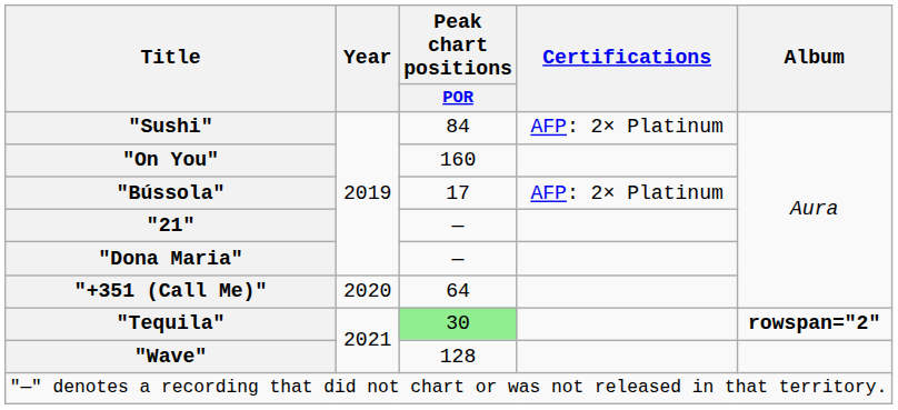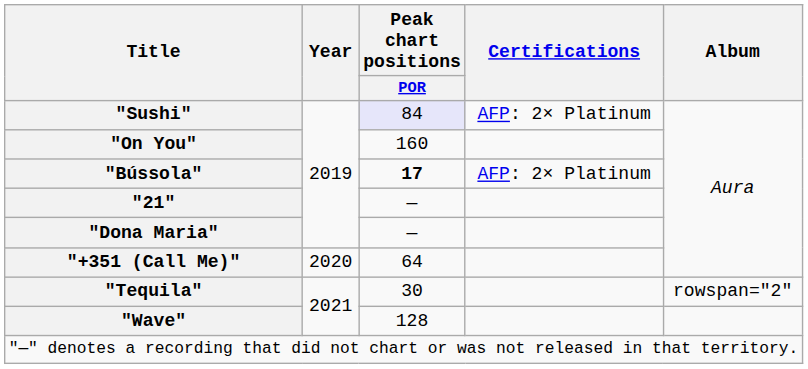 <table class="wikitable plainrowheaders" style="text-align:center;" border="1">
 <tr>
 <th rowspan="2" scope="col" style="width:16em;">Title</th>
 <th rowspan="2" scope="col">Year</th>
 <th scope="col">Peak chart positions</th>
 <th rowspan="2" scope="col"><a href='#'>Certifications</a></th>
 <th rowspan="2" scope="col">Album</th>
 </tr>
 <tr>
 <th scope="col" style="width:3em;font-size:85%;"><a href='#'>POR</a><br></th>
 </tr>
 <tr>
 <th scope="row">"Sushi"</th>
 <td rowspan="5">2019</td>
-<td>84</td>
+<td style="background: lavender;">84</td>
 <td><a href='#'>AFP</a>: 2× Platinum</td>
 <td rowspan="6"><em>Aura</em></td>
 </tr>
 <tr>
 <th scope="row">"On You"</th>
 <td>160</td>
 </tr>
 <tr>
 <th scope="row">"Bússola"</th>
-<td>17</td>
+<td><strong>17</strong></td>
 <td><a href='#'>AFP</a>: 2× Platinum</td>
 </tr>
 <tr>
 <th scope="row">"21"</th>
 <td>—</td>
 <td></td>
 </tr>
 <tr>
 <th scope="row">"Dona Maria"</th>
 <td>—</td>
 <td></td>
 </tr>
 <tr>
 <th scope="row">"+351 (Call Me)"</th>
 <td>2020</td>
 <td>64</td>
 <td></td>
 </tr>
 <tr>
 <th scope="row">"Tequila"</th>
 <td rowspan="2">2021</td>
-<td style="background: lightgreen;">30</td>
+<td>30</td>
 <td></td>
-<td><strong>rowspan="2" <em></em></strong></td>
+<td>rowspan="2" <em></em></td>
 </tr>
 <tr>
 <th scope="row">"Wave"</th>
 <td>128</td>
 <td></td>
 </tr>
 <tr>
 <td colspan="5" style="font-size:90%">"—" denotes a recording that did not chart or was not released in that territory.</td>
 </tr>
 </table>
